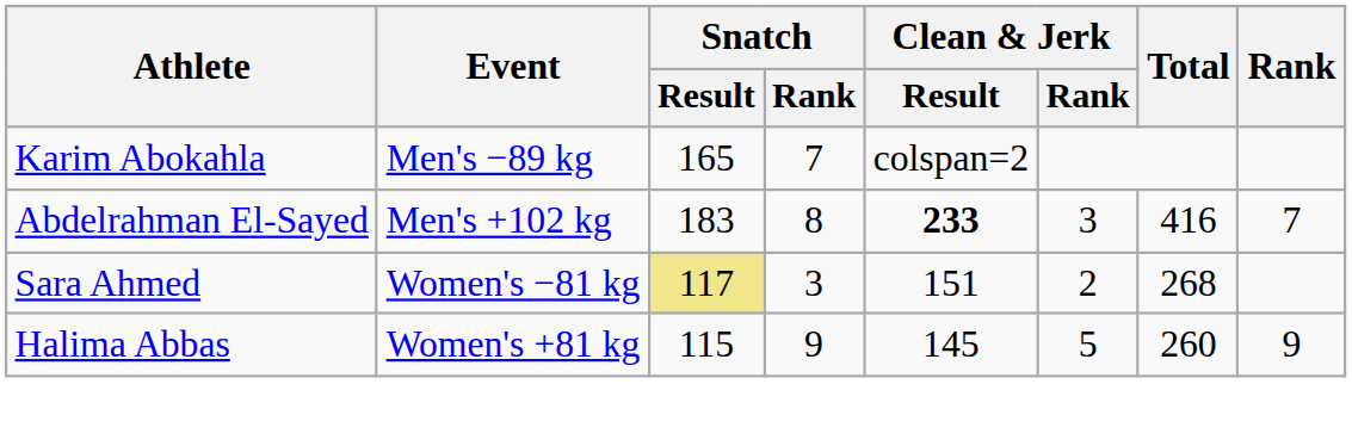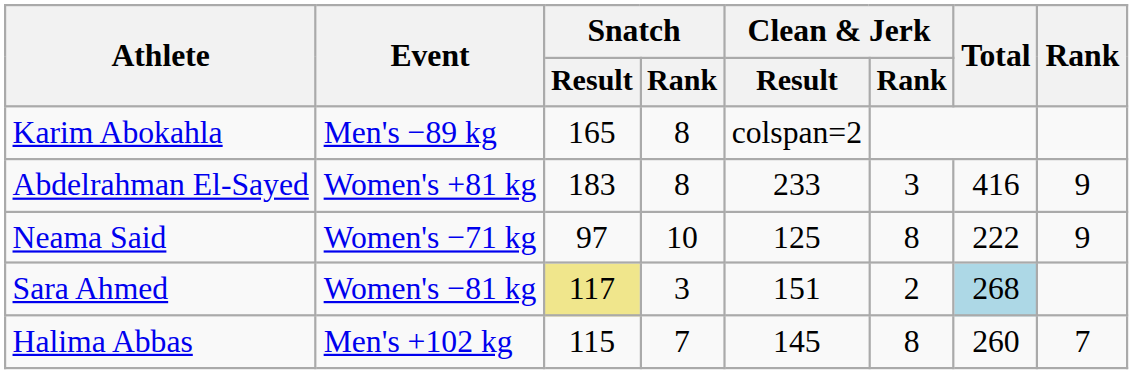 <table class="wikitable" style="font-size:90%">
 <tr>
 <th rowspan="2">Athlete</th>
 <th rowspan="2">Event</th>
 <th colspan="2">Snatch</th>
 <th colspan="2">Clean & Jerk</th>
 <th rowspan="2">Total</th>
 <th rowspan="2">Rank</th>
 </tr>
 <tr style="font-size:95%">
 <th>Result</th>
 <th>Rank</th>
 <th>Result</th>
 <th>Rank</th>
 </tr>
 <tr align=center>
 <td align=left><a href='#'>Karim Abokahla</a></td>
 <td align=left><a href='#'>Men's −89 kg</a></td>
 <td>165</td>
-<td>7</td>
+<td>8</td>
 <td>colspan=2 </td>
 <td colspan="2"></td>
 </tr>
 <tr align=center>
 <td align=left><a href='#'>Abdelrahman El-Sayed</a></td>
-<td align=left><a href='#'>Men's +102 kg</a></td>
+<td align=left><a href='#'>Women's +81 kg</a></td>
 <td>183</td>
 <td>8</td>
-<td><strong>233</strong></td>
+<td>233</td>
 <td>3</td>
 <td>416</td>
-<td>7</td>
+<td>9</td>
+</tr>
+<tr align=center>
+<td align=left><a href='#'>Neama Said</a></td>
+<td align=left><a href='#'>Women's −71 kg</a></td>
+<td>97</td>
+<td>10</td>
+<td>125</td>
+<td>8</td>
+<td>222</td>
+<td>9</td>
 </tr>
 <tr align=center>
 <td align=left><a href='#'>Sara Ahmed</a></td>
 <td align=left><a href='#'>Women's −81 kg</a></td>
 <td style="background: khaki;">117</td>
 <td>3</td>
 <td>151</td>
 <td>2</td>
-<td>268</td>
+<td style="background: lightblue;">268</td>
 <td></td>
 </tr>
 <tr align=center>
 <td align=left><a href='#'>Halima Abbas</a></td>
-<td align=left><a href='#'>Women's +81 kg</a></td>
+<td align=left><a href='#'>Men's +102 kg</a></td>
 <td>115</td>
-<td>9</td>
+<td>7</td>
 <td>145</td>
-<td>5</td>
+<td>8</td>
 <td>260</td>
-<td>9</td>
+<td>7</td>
 </tr>
 </table>
